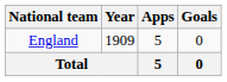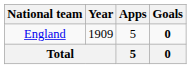 <table class="wikitable" style="text-align:center">
 <tr>
 <th>National team</th>
 <th>Year</th>
 <th>Apps</th>
 <th>Goals</th>
 </tr>
 <tr>
 <td><a href='#'>England</a></td>
 <td>1909</td>
 <td>5</td>
-<td>0</td>
+<td><strong>0</strong></td>
 </tr>
 <tr>
 <th colspan="2">Total</th>
 <th>5</th>
 <th>0</th>
 </tr>
 </table>
